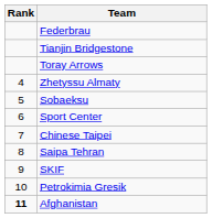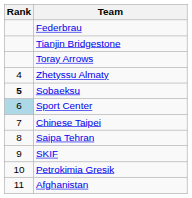 <table class="wikitable" style="text-align: center;">
 <tr>
 <th width=40>Rank</th>
 <th width=240>Team</th>
 </tr>
 <tr>
 <td></td>
 <td align="left"> <a href='#'>Federbrau</a></td>
 </tr>
 <tr>
 <td></td>
 <td align="left"> <a href='#'>Tianjin Bridgestone</a></td>
 </tr>
 <tr>
 <td></td>
 <td align="left"> <a href='#'>Toray Arrows</a></td>
 </tr>
 <tr>
 <td>4</td>
 <td align="left"> <a href='#'>Zhetyssu Almaty</a></td>
 </tr>
 <tr>
-<td>5</td>
+<td><strong>5</strong></td>
 <td align="left"> <a href='#'>Sobaeksu</a></td>
 </tr>
 <tr>
-<td>6</td>
+<td style="background: lightblue;">6</td>
 <td align="left"> <a href='#'>Sport Center</a></td>
 </tr>
 <tr>
 <td>7</td>
 <td align="left"> <a href='#'>Chinese Taipei</a></td>
 </tr>
 <tr>
 <td>8</td>
 <td align="left"> <a href='#'>Saipa Tehran</a></td>
 </tr>
 <tr>
 <td>9</td>
 <td align="left"> <a href='#'>SKIF</a></td>
 </tr>
 <tr>
 <td>10</td>
 <td align="left"> <a href='#'>Petrokimia Gresik</a></td>
 </tr>
 <tr>
-<td><strong>11</strong></td>
+<td>11</td>
 <td align="left"> <a href='#'>Afghanistan</a></td>
 </tr>
 </table>
